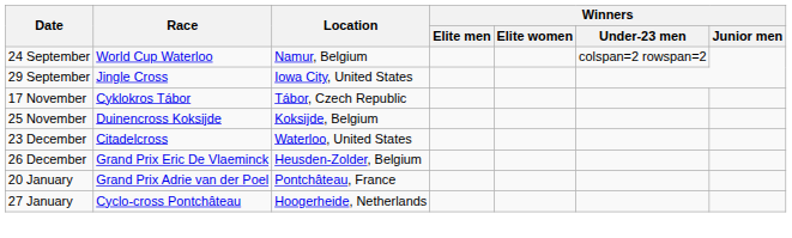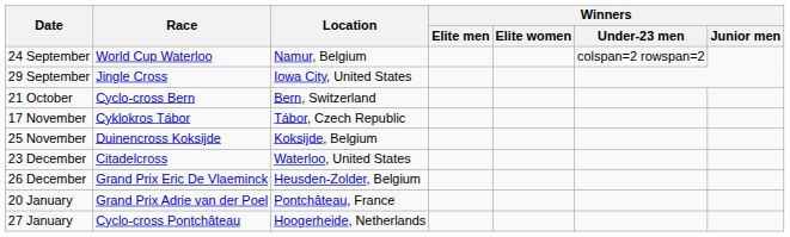 <table class="wikitable">
 <tr>
 <th rowspan=2>Date</th>
 <th rowspan=2>Race</th>
 <th rowspan=2>Location</th>
 <th colspan=4>Winners</th>
 </tr>
 <tr>
 <th>Elite men</th>
 <th>Elite women</th>
 <th>Under-23 men</th>
 <th>Junior men</th>
 </tr>
 <tr>
 <td>24 September</td>
 <td><a href='#'>World Cup Waterloo</a></td>
 <td> <a href='#'>Namur</a>, Belgium</td>
 <td></td>
 <td></td>
 <td>colspan=2 rowspan=2 </td>
 </tr>
 <tr>
 <td>29 September</td>
 <td><a href='#'>Jingle Cross</a></td>
 <td> <a href='#'>Iowa City</a>, United States</td>
+<td></td>
+<td></td>
+</tr>
+<tr>
+<td>21 October</td>
+<td><a href='#'>Cyclo-cross Bern</a></td>
+<td> <a href='#'>Bern</a>, Switzerland</td>
+<td></td>
+<td></td>
 <td></td>
 <td></td>
 </tr>
 <tr>
 <td>17 November</td>
 <td><a href='#'>Cyklokros Tábor</a></td>
 <td> <a href='#'>Tábor</a>, Czech Republic</td>
 <td></td>
 <td></td>
 <td></td>
 <td></td>
 </tr>
 <tr>
 <td>25 November</td>
 <td><a href='#'>Duinencross Koksijde</a></td>
 <td> <a href='#'>Koksijde</a>, Belgium</td>
 <td></td>
 <td></td>
 <td></td>
 <td></td>
 </tr>
 <tr>
 <td>23 December</td>
 <td><a href='#'>Citadelcross</a></td>
 <td> <a href='#'>Waterloo</a>, United States</td>
 <td></td>
 <td></td>
 <td></td>
 <td></td>
 </tr>
 <tr>
 <td>26 December</td>
 <td><a href='#'>Grand Prix Eric De Vlaeminck</a></td>
 <td> <a href='#'>Heusden-Zolder</a>, Belgium</td>
 <td></td>
 <td></td>
 <td></td>
 <td></td>
 </tr>
 <tr>
 <td>20 January</td>
 <td><a href='#'>Grand Prix Adrie van der Poel</a></td>
 <td> <a href='#'>Pontchâteau</a>, France</td>
 <td></td>
 <td></td>
 <td></td>
 <td></td>
 </tr>
 <tr>
 <td>27 January</td>
 <td><a href='#'>Cyclo-cross Pontchâteau</a></td>
 <td> <a href='#'>Hoogerheide</a>, Netherlands</td>
 <td></td>
 <td></td>
 <td></td>
 <td></td>
 </tr>
 </table>
